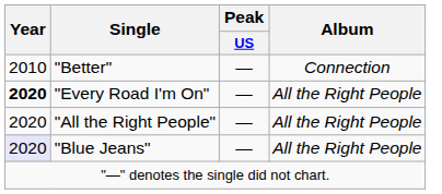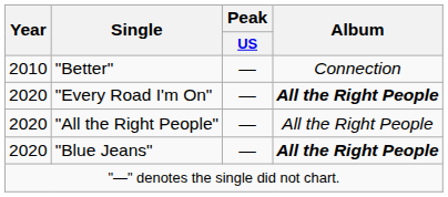 <table class="wikitable" style="text-align:center;">
 <tr>
 <th rowspan="2">Year</th>
 <th rowspan="2">Single</th>
 <th>Peak</th>
 <th rowspan="2">Album</th>
 </tr>
 <tr style="font-size:smaller;">
 <th style="width:40px;"><a href='#'>US</a></th>
 </tr>
 <tr>
 <td>2010</td>
 <td style="text-align:left;">"Better"</td>
 <td>—</td>
 <td><em>Connection</em></td>
 </tr>
 <tr>
-<td><strong>2020</strong></td>
+<td>2020</td>
 <td style="text-align:left;">"Every Road I'm On"</td>
 <td>—</td>
-<td><em>All the Right People</em></td>
+<td><strong><em>All the Right People</em></strong></td>
 </tr>
 <tr>
 <td>2020</td>
 <td style="text-align:left;">"All the Right People"</td>
 <td>—</td>
 <td><em>All the Right People</em></td>
 </tr>
 <tr>
-<td style="background: lavender;">2020</td>
+<td>2020</td>
 <td style="text-align:left;">"Blue Jeans"</td>
 <td>—</td>
-<td><em>All the Right People</em></td>
+<td><strong><em>All the Right People</em></strong></td>
 </tr>
 <tr>
 <td style="text-align:center;" colspan="9"><small>"—" denotes the single did not chart.</small></td>
 </tr>
 </table>
